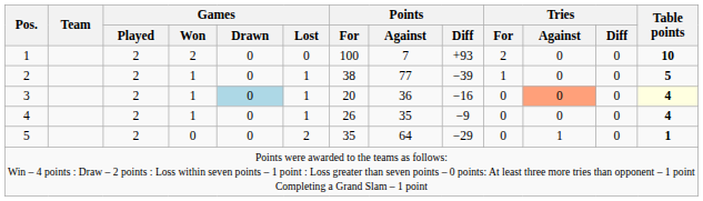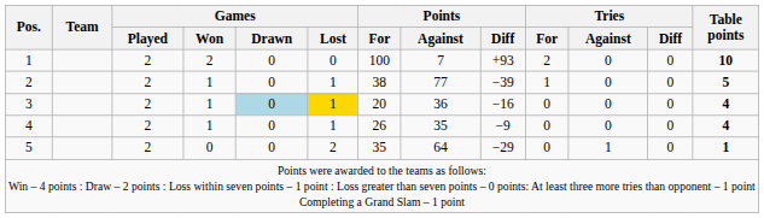 <table class="wikitable" style="text-align:center">
 <tr>
 <th rowspan="2">Pos.</th>
 <th rowspan="2">Team</th>
 <th colspan="4">Games</th>
 <th colspan="3">Points</th>
 <th colspan="3">Tries</th>
 <th rowspan="2">Table<br>points</th>
 </tr>
 <tr>
 <th>Played</th>
 <th>Won</th>
 <th>Drawn</th>
 <th>Lost</th>
 <th>For</th>
 <th>Against</th>
 <th>Diff</th>
 <th>For</th>
 <th>Against</th>
 <th>Diff</th>
 </tr>
 <tr>
 <td>1</td>
 <td align=left></td>
 <td>2</td>
 <td>2</td>
 <td>0</td>
 <td>0</td>
 <td>100</td>
 <td>7</td>
 <td>+93</td>
 <td>2</td>
 <td>0</td>
 <td>0</td>
 <td><strong>10</strong></td>
 </tr>
 <tr>
 <td>2</td>
 <td align=left></td>
 <td>2</td>
 <td>1</td>
 <td>0</td>
 <td>1</td>
 <td>38</td>
 <td>77</td>
 <td>−39</td>
 <td>1</td>
 <td>0</td>
 <td>0</td>
 <td><strong>5</strong></td>
 </tr>
 <tr>
 <td>3</td>
 <td align=left></td>
 <td>2</td>
 <td>1</td>
 <td style="background: lightblue;">0</td>
-<td>1</td>
+<td style="background: gold;">1</td>
 <td>20</td>
 <td>36</td>
 <td>−16</td>
 <td>0</td>
-<td style="background: lightsalmon;">0</td>
 <td>0</td>
-<td style="background: lightyellow;"><strong>4</strong></td>
+<td>0</td>
+<td><strong>4</strong></td>
 </tr>
 <tr>
 <td>4</td>
 <td align=left></td>
 <td>2</td>
 <td>1</td>
 <td>0</td>
 <td>1</td>
 <td>26</td>
 <td>35</td>
 <td>−9</td>
 <td>0</td>
 <td>0</td>
 <td>0</td>
 <td><strong>4</strong></td>
 </tr>
 <tr>
 <td>5</td>
 <td align=left></td>
 <td>2</td>
 <td>0</td>
 <td>0</td>
 <td>2</td>
 <td>35</td>
 <td>64</td>
 <td>−29</td>
 <td>0</td>
 <td>1</td>
 <td>0</td>
 <td><strong>1</strong></td>
 </tr>
 <tr>
 <td colspan="13"><small>Points were awarded to the teams as follows:<br>Win – 4 points : Draw – 2 points : Loss within seven points – 1 point : Loss greater than seven points – 0 points: At least three more tries than opponent – 1 point<br>Completing a Grand Slam – 1 point </small></td>
 </tr>
 </table>
